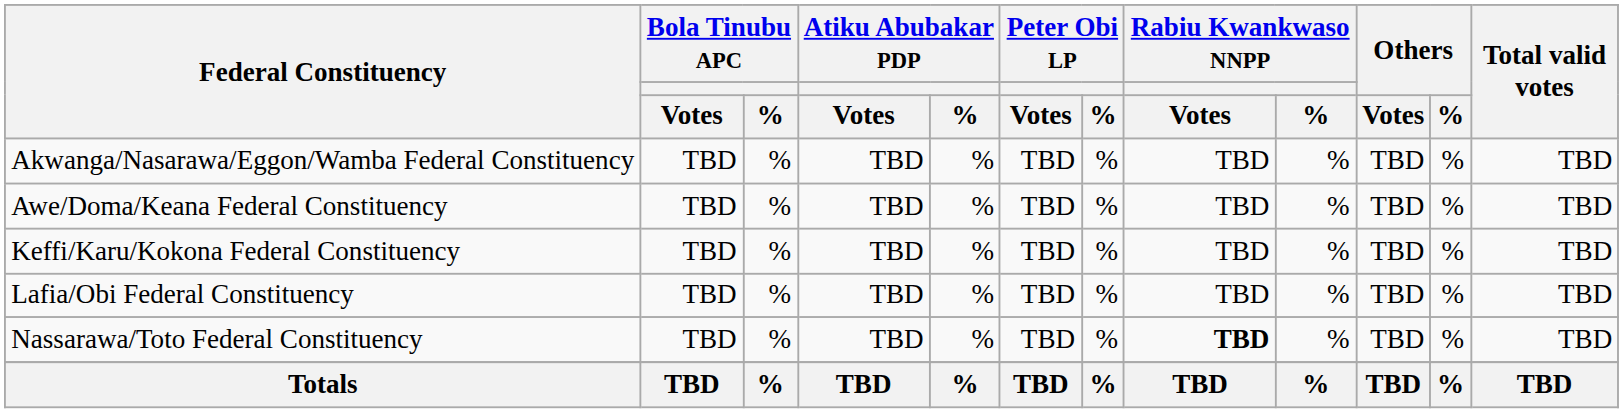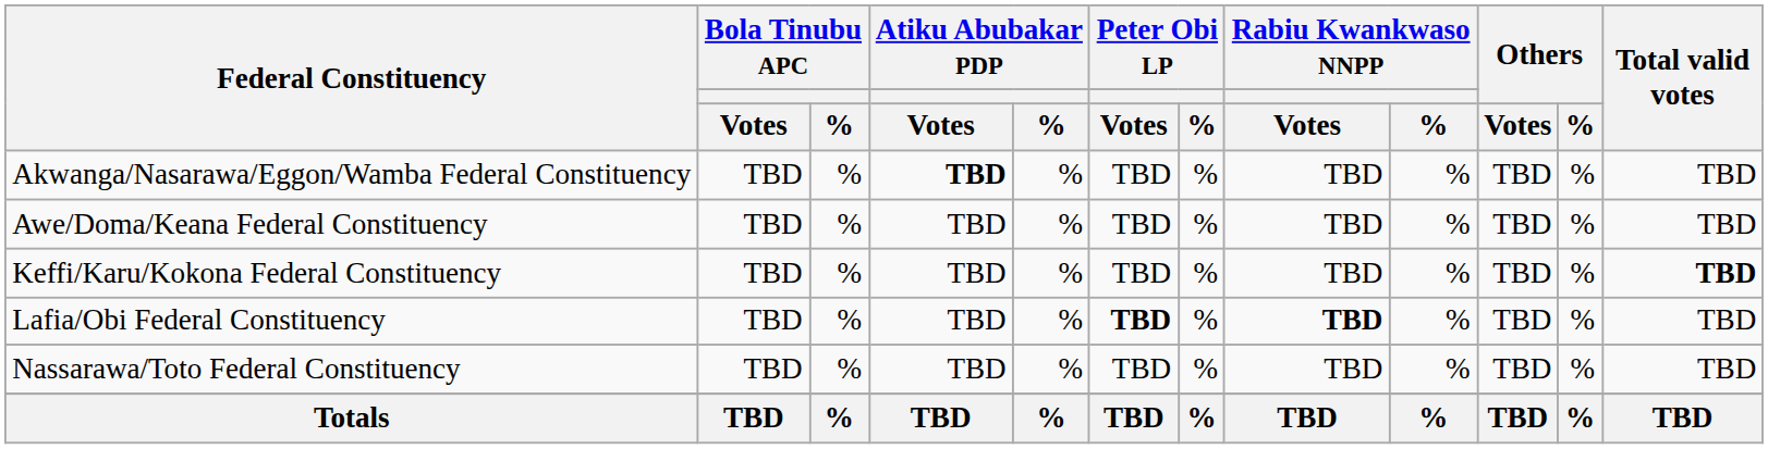 <table class="wikitable sortable" style="text-align:right; font-size:90%">
 <tr>
 <th rowspan="3" style="max-width:7.5em;">Federal Constituency</th>
 <th colspan="2"><a href='#'>Bola Tinubu</a><br><small>APC</small></th>
 <th colspan="2"><a href='#'>Atiku Abubakar</a><br><small>PDP</small></th>
 <th colspan="2"><a href='#'>Peter Obi</a><br><small>LP</small></th>
 <th colspan="2"><a href='#'>Rabiu Kwankwaso</a><br><small>NNPP</small></th>
 <th colspan="2" rowspan="2">Others</th>
 <th rowspan="3" style="max-width:5em;">Total valid votes</th>
 </tr>
 <tr>
 <th colspan=2 style="background-color:"></th>
 <th colspan=2 style="background-color:"></th>
 <th colspan=2 style="background-color:"></th>
 <th colspan=2 style="background-color:"></th>
 </tr>
 <tr>
 <th>Votes</th>
 <th>%</th>
 <th>Votes</th>
 <th>%</th>
 <th>Votes</th>
 <th>%</th>
 <th>Votes</th>
 <th>%</th>
 <th>Votes</th>
 <th>%</th>
 </tr>
 <tr style="background-color:#">
 <td style="text-align:left;">Akwanga/Nasarawa/Eggon/Wamba Federal Constituency</td>
 <td>TBD</td>
 <td>%</td>
-<td>TBD</td>
+<td><strong>TBD</strong></td>
 <td>%</td>
 <td>TBD</td>
 <td>%</td>
 <td>TBD</td>
 <td>%</td>
 <td>TBD</td>
 <td>%</td>
 <td>TBD</td>
 </tr>
 <tr style="background-color:#">
 <td style="text-align:left;">Awe/Doma/Keana Federal Constituency</td>
 <td>TBD</td>
 <td>%</td>
 <td>TBD</td>
 <td>%</td>
 <td>TBD</td>
 <td>%</td>
 <td>TBD</td>
 <td>%</td>
 <td>TBD</td>
 <td>%</td>
 <td>TBD</td>
 </tr>
 <tr style="background-color:#">
 <td style="text-align:left;">Keffi/Karu/Kokona Federal Constituency</td>
 <td>TBD</td>
 <td>%</td>
 <td>TBD</td>
 <td>%</td>
 <td>TBD</td>
 <td>%</td>
 <td>TBD</td>
 <td>%</td>
 <td>TBD</td>
 <td>%</td>
-<td>TBD</td>
+<td><strong>TBD</strong></td>
 </tr>
 <tr style="background-color:#">
 <td style="text-align:left;">Lafia/Obi Federal Constituency</td>
 <td>TBD</td>
 <td>%</td>
 <td>TBD</td>
 <td>%</td>
-<td>TBD</td>
+<td><strong>TBD</strong></td>
 <td>%</td>
-<td>TBD</td>
+<td><strong>TBD</strong></td>
 <td>%</td>
 <td>TBD</td>
 <td>%</td>
 <td>TBD</td>
 </tr>
 <tr style="background-color:#">
 <td style="text-align:left;">Nassarawa/Toto Federal Constituency</td>
 <td>TBD</td>
 <td>%</td>
 <td>TBD</td>
 <td>%</td>
 <td>TBD</td>
 <td>%</td>
-<td><strong>TBD</strong></td>
+<td>TBD</td>
 <td>%</td>
 <td>TBD</td>
 <td>%</td>
 <td>TBD</td>
 </tr>
 <tr>
 </tr>
 <tr>
 <th>Totals</th>
 <th>TBD</th>
 <th>%</th>
 <th>TBD</th>
 <th>%</th>
 <th>TBD</th>
 <th>%</th>
 <th>TBD</th>
 <th>%</th>
 <th>TBD</th>
 <th>%</th>
 <th>TBD</th>
 </tr>
 </table>
